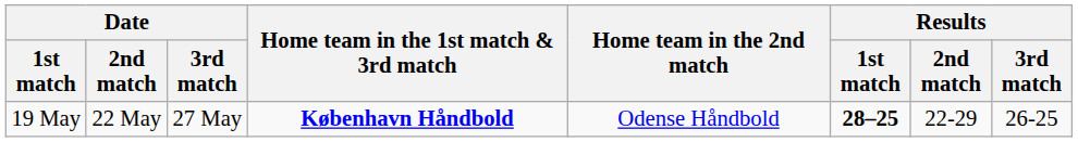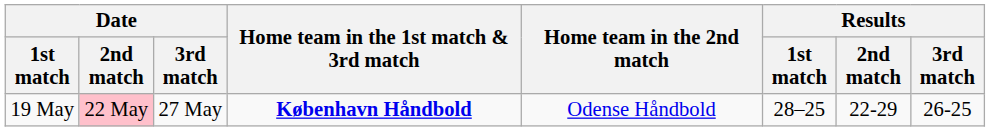 <table class="wikitable" style="text-align:center; margin-left:1em;">
 <tr>
 <th colspan="3">Date</th>
 <th rowspan="2" style="width:220px;">Home team in the 1st match & 3rd match</th>
 <th rowspan="2" style="width:180px;">Home team in the 2nd match</th>
 <th colspan="3">Results</th>
 </tr>
 <tr>
 <th style="width:50px;">1st match</th>
 <th style="width:50px;">2nd match</th>
 <th style="width:50px;">3rd match</th>
 <th style="width:50px;">1st match</th>
 <th style="width:50px;">2nd match</th>
 <th style="width:50px;">3rd match</th>
 </tr>
 <tr>
 <td>19 May</td>
-<td>22 May</td>
+<td style="background: pink;">22 May</td>
 <td>27 May</td>
 <td><strong><a href='#'>København Håndbold</a></strong></td>
 <td><a href='#'>Odense Håndbold</a></td>
-<td><strong>28–25</strong></td>
+<td>28–25</td>
 <td>22-29</td>
 <td>26-25</td>
 </tr>
 </table>
